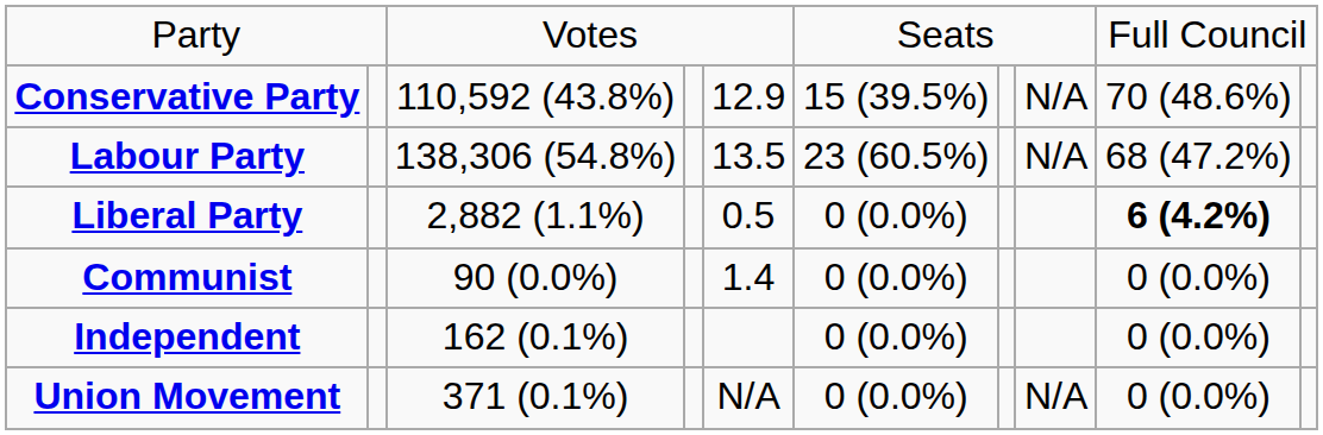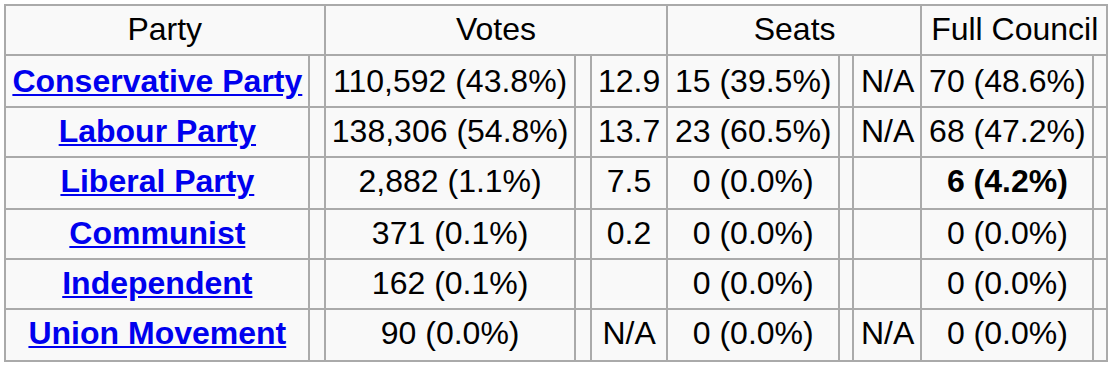 <table class=wikitable style="text-align:center;">
 <tr>
 <td colspan=2>Party</td>
 <td colspan=3>Votes</td>
 <td colspan=3>Seats</td>
 <td colspan=3>Full Council</td>
 </tr>
 <tr>
 <td><strong><a href='#'>Conservative Party</a></strong></td>
 <td style="background:"></td>
 <td>110,592 (43.8%)</td>
 <td></td>
 <td> 12.9</td>
 <td>15 (39.5%)</td>
 <td></td>
 <td>N/A</td>
 <td>70 (48.6%)</td>
 <td></td>
 </tr>
 <tr>
 <td><strong><a href='#'>Labour Party</a></strong></td>
 <td style="background:"></td>
 <td>138,306 (54.8%)</td>
 <td></td>
-<td> 13.5</td>
+<td> 13.7</td>
 <td>23 (60.5%)</td>
 <td></td>
 <td>N/A</td>
 <td>68 (47.2%)</td>
 <td></td>
 </tr>
 <tr>
 <td><strong><a href='#'>Liberal Party</a></strong></td>
 <td style="background:"></td>
 <td>2,882 (1.1%)</td>
 <td></td>
-<td> 0.5</td>
+<td> 7.5</td>
 <td>0 (0.0%)</td>
 <td></td>
 <td></td>
 <td><strong>6 (4.2%)</strong></td>
 <td></td>
 </tr>
 <tr>
 <td><strong><a href='#'>Communist</a></strong></td>
 <td style="background:"></td>
-<td>90 (0.0%)</td>
+<td>371 (0.1%)</td>
 <td></td>
-<td> 1.4</td>
+<td> 0.2</td>
 <td>0 (0.0%)</td>
 <td></td>
 <td></td>
 <td>0 (0.0%)</td>
 <td></td>
 </tr>
 <tr>
 <td><strong><a href='#'>Independent</a></strong></td>
 <td style="background:"></td>
 <td>162 (0.1%)</td>
 <td></td>
 <td></td>
 <td>0 (0.0%)</td>
 <td></td>
 <td></td>
 <td>0 (0.0%)</td>
 <td></td>
 </tr>
 <tr>
 <td><strong><a href='#'>Union Movement</a></strong></td>
 <td style="background:"></td>
-<td>371 (0.1%)</td>
+<td>90 (0.0%)</td>
 <td></td>
 <td>N/A</td>
 <td>0 (0.0%)</td>
 <td></td>
 <td>N/A</td>
 <td>0 (0.0%)</td>
 <td></td>
 </tr>
 </table>
